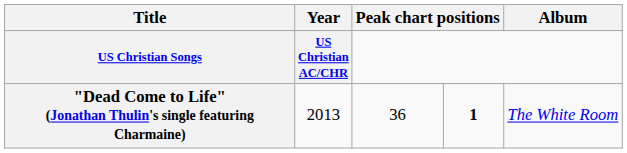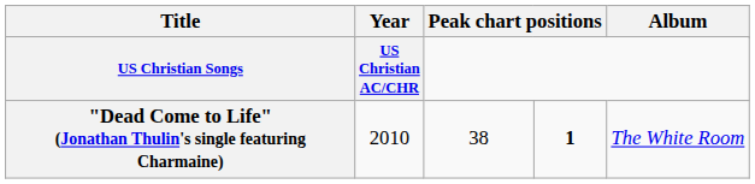 <table class="wikitable plainrowheaders" style=text-align:center;>
 <tr>
 <th scope="col" rowspan="2" style="width:17em;">Title</th>
 <th scope="col" rowspan="2">Year</th>
 <th scope="col" colspan="2">Peak chart positions</th>
 <th scope="col" rowspan="2">Album</th>
 </tr>
 <tr>
 </tr>
 <tr style="font-size:smaller;">
 <th scope="col" style="width:3em;font-size:90%;"><a href='#'>US Christian Songs</a></th>
 <th scope="col" style="width:3em;font-size:90%;"><a href='#'>US Christian AC/CHR</a></th>
 </tr>
 <tr>
 <th scope="row">"Dead Come to Life"<br><small>(<a href='#'>Jonathan Thulin</a>'s single featuring Charmaine)</small></th>
-<td>2013</td>
-<td>36</td>
+<td>2010</td>
+<td>38</td>
 <td><strong>1</strong></td>
 <td style="text-align:left"><em><a href='#'>The White Room</a></em></td>
 </tr>
 </table>
